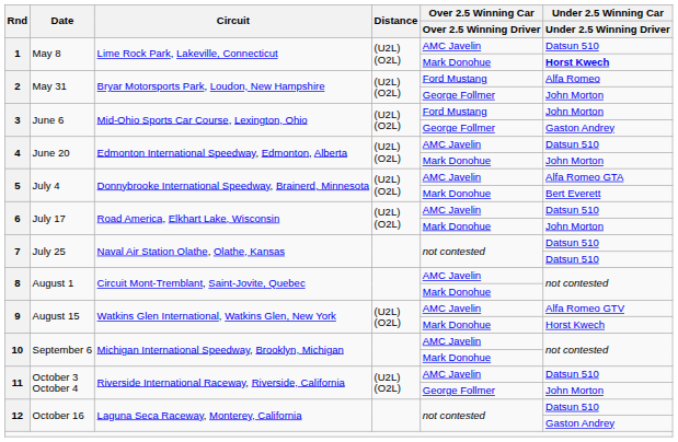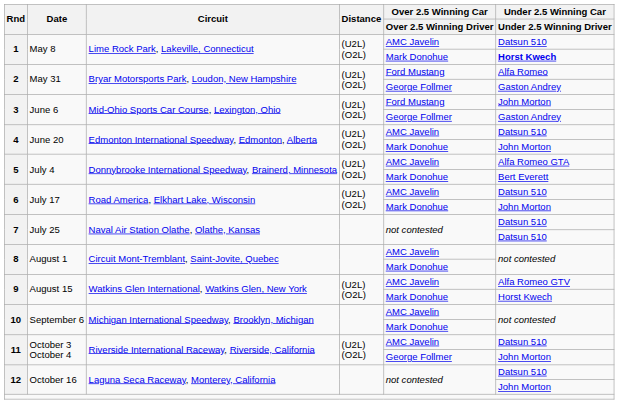 <table class="wikitable" style="font-size: 85%">
 <tr>
 <th rowspan=2>Rnd</th>
 <th rowspan=2>Date</th>
 <th rowspan=2>Circuit</th>
 <th rowspan=2>Distance</th>
 <th>Over 2.5 Winning Car</th>
 <th>Under 2.5 Winning Car</th>
 </tr>
 <tr>
 <th>Over 2.5 Winning Driver</th>
 <th>Under 2.5 Winning Driver</th>
 </tr>
 <tr>
 <th rowspan=2>1</th>
 <td rowspan=2>May 8</td>
 <td rowspan=2><a href='#'>Lime Rock Park</a>, <a href='#'>Lakeville, Connecticut</a></td>
 <td rowspan=2> (U2L)<br> (O2L)</td>
 <td><a href='#'>AMC Javelin</a></td>
 <td><a href='#'>Datsun 510</a></td>
 </tr>
 <tr>
 <td> <a href='#'>Mark Donohue</a></td>
 <td><strong> <a href='#'>Horst Kwech</a></strong></td>
 </tr>
 <tr>
 <th rowspan=2>2</th>
 <td rowspan=2>May 31</td>
 <td rowspan=2><a href='#'>Bryar Motorsports Park</a>, <a href='#'>Loudon, New Hampshire</a></td>
 <td rowspan=2> (U2L)<br> (O2L)</td>
 <td><a href='#'>Ford Mustang</a></td>
 <td><a href='#'>Alfa Romeo</a></td>
 </tr>
 <tr>
 <td> <a href='#'>George Follmer</a></td>
-<td> <a href='#'>John Morton</a></td>
+<td> <a href='#'>Gaston Andrey</a></td>
 </tr>
 <tr>
 <th rowspan=2>3</th>
 <td rowspan=2>June 6</td>
 <td rowspan=2><a href='#'>Mid-Ohio Sports Car Course</a>, <a href='#'>Lexington, Ohio</a></td>
 <td rowspan=2> (U2L)<br> (O2L)</td>
 <td><a href='#'>Ford Mustang</a></td>
 <td> <a href='#'>John Morton</a></td>
 </tr>
 <tr>
 <td> <a href='#'>George Follmer</a></td>
 <td> <a href='#'>Gaston Andrey</a></td>
 </tr>
 <tr>
 <th rowspan=2>4</th>
 <td rowspan=2>June 20</td>
 <td rowspan=2><a href='#'>Edmonton International Speedway</a>, <a href='#'>Edmonton</a>, <a href='#'>Alberta</a></td>
 <td rowspan=2> (U2L)<br> (O2L)</td>
 <td><a href='#'>AMC Javelin</a></td>
 <td><a href='#'>Datsun 510</a></td>
 </tr>
 <tr>
 <td> <a href='#'>Mark Donohue</a></td>
 <td> <a href='#'>John Morton</a></td>
 </tr>
 <tr>
 <th rowspan=2>5</th>
 <td rowspan=2>July 4</td>
 <td rowspan=2><a href='#'>Donnybrooke International Speedway</a>, <a href='#'>Brainerd, Minnesota</a></td>
 <td rowspan=2> (U2L)<br> (O2L)</td>
 <td><a href='#'>AMC Javelin</a></td>
 <td><a href='#'>Alfa Romeo GTA</a></td>
 </tr>
 <tr>
 <td> <a href='#'>Mark Donohue</a></td>
 <td> <a href='#'>Bert Everett</a></td>
 </tr>
 <tr>
 <th rowspan=2>6</th>
 <td rowspan=2>July 17</td>
 <td rowspan=2><a href='#'>Road America</a>, <a href='#'>Elkhart Lake, Wisconsin</a></td>
 <td rowspan=2> (U2L)<br> (O2L)</td>
 <td><a href='#'>AMC Javelin</a></td>
 <td><a href='#'>Datsun 510</a></td>
 </tr>
 <tr>
 <td> <a href='#'>Mark Donohue</a></td>
 <td> <a href='#'>John Morton</a></td>
 </tr>
 <tr>
 <th rowspan=2>7</th>
 <td rowspan=2>July 25</td>
 <td rowspan=2><a href='#'>Naval Air Station Olathe</a>, <a href='#'>Olathe, Kansas</a></td>
 <td rowspan=2></td>
 <td rowspan=2><em>not contested</em></td>
 <td><a href='#'>Datsun 510</a></td>
 </tr>
 <tr>
 <td><a href='#'>Datsun 510</a></td>
 </tr>
 <tr>
 <th rowspan=2>8</th>
 <td rowspan=2>August 1</td>
 <td rowspan=2><a href='#'>Circuit Mont-Tremblant</a>, <a href='#'>Saint-Jovite, Quebec</a></td>
 <td rowspan=2></td>
 <td><a href='#'>AMC Javelin</a></td>
 <td rowspan=2><em>not contested</em></td>
 </tr>
 <tr>
 <td> <a href='#'>Mark Donohue</a></td>
 </tr>
 <tr>
 <th rowspan=2>9</th>
 <td rowspan=2>August 15</td>
 <td rowspan=2><a href='#'>Watkins Glen International</a>, <a href='#'>Watkins Glen, New York</a></td>
 <td rowspan=2> (U2L)<br> (O2L)</td>
 <td><a href='#'>AMC Javelin</a></td>
 <td><a href='#'>Alfa Romeo GTV</a></td>
 </tr>
 <tr>
 <td> <a href='#'>Mark Donohue</a></td>
 <td> <a href='#'>Horst Kwech</a></td>
 </tr>
 <tr>
 <th rowspan=2>10</th>
 <td rowspan=2>September 6</td>
 <td rowspan=2><a href='#'>Michigan International Speedway</a>, <a href='#'>Brooklyn, Michigan</a></td>
 <td rowspan=2></td>
 <td><a href='#'>AMC Javelin</a></td>
 <td rowspan=2><em>not contested</em></td>
 </tr>
 <tr>
 <td> <a href='#'>Mark Donohue</a></td>
 </tr>
 <tr>
 <th rowspan=2>11</th>
 <td rowspan=2>October 3<br>October 4</td>
 <td rowspan=2><a href='#'>Riverside International Raceway</a>, <a href='#'>Riverside, California</a></td>
 <td rowspan=2> (U2L)<br> (O2L)</td>
 <td><a href='#'>AMC Javelin</a></td>
 <td><a href='#'>Datsun 510</a></td>
 </tr>
 <tr>
 <td> <a href='#'>George Follmer</a></td>
 <td> <a href='#'>John Morton</a></td>
 </tr>
 <tr>
 <th rowspan=2>12</th>
 <td rowspan=2>October 16</td>
 <td rowspan=2><a href='#'>Laguna Seca Raceway</a>, <a href='#'>Monterey, California</a></td>
 <td rowspan=2></td>
 <td rowspan=2><em>not contested</em></td>
 <td><a href='#'>Datsun 510</a></td>
 </tr>
 <tr>
-<td> <a href='#'>Gaston Andrey</a></td>
+<td> <a href='#'>John Morton</a></td>
 </tr>
 <tr>
 <td style="text-align:center;" colspan=6></td>
 </tr>
 </table>
